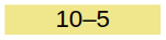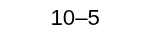 <table style="text-align:center">
 <tr>
 <th width=200></th>
 <th width=100></th>
 <th width=200></th>
 </tr>
 <tr>
 <td align=right><strong></strong></td>
-<td style="background: khaki;">10–5</td>
+<td>10–5</td>
 <td align=left></td>
 </tr>
 </table>
